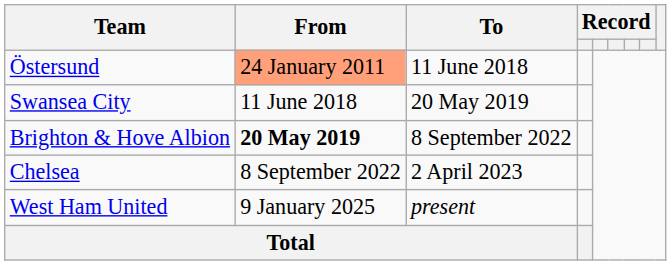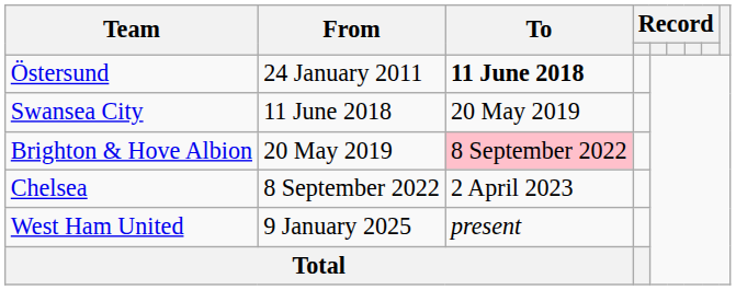 <table class="wikitable" style="text-align: center;">
 <tr>
 <th rowspan="2">Team</th>
 <th rowspan="2">From</th>
 <th rowspan="2">To</th>
 <th colspan="5">Record</th>
 <th rowspan="2"></th>
 </tr>
 <tr>
 <th></th>
 <th></th>
 <th></th>
 <th></th>
 <th></th>
 </tr>
 <tr>
 <td align="left"><a href='#'>Östersund</a></td>
-<td align="left" style="background: lightsalmon;">24 January 2011</td>
-<td align="left">11 June 2018<br></td>
+<td align="left">24 January 2011</td>
+<td align="left"><strong>11 June 2018<br></strong></td>
 <td></td>
 </tr>
 <tr>
 <td align="left"><a href='#'>Swansea City</a></td>
 <td align="left">11 June 2018</td>
 <td align="left">20 May 2019<br></td>
 <td></td>
 </tr>
 <tr>
 <td align=left><a href='#'>Brighton & Hove Albion</a></td>
-<td align=left><strong>20 May 2019</strong></td>
-<td align=left>8 September 2022<br></td>
+<td align=left>20 May 2019</td>
+<td align=left style="background: pink;">8 September 2022<br></td>
 <td></td>
 </tr>
 <tr>
 <td align=left><a href='#'>Chelsea</a></td>
 <td align=left>8 September 2022</td>
 <td align=left>2 April 2023<br></td>
 <td></td>
 </tr>
 <tr>
 <td align=left><a href='#'>West Ham United</a></td>
 <td align=left>9 January 2025</td>
 <td align=left><em>present</em><br></td>
 <td></td>
 </tr>
 <tr>
 <th colspan="3">Total<br></th>
 <th></th>
 </tr>
 </table>
